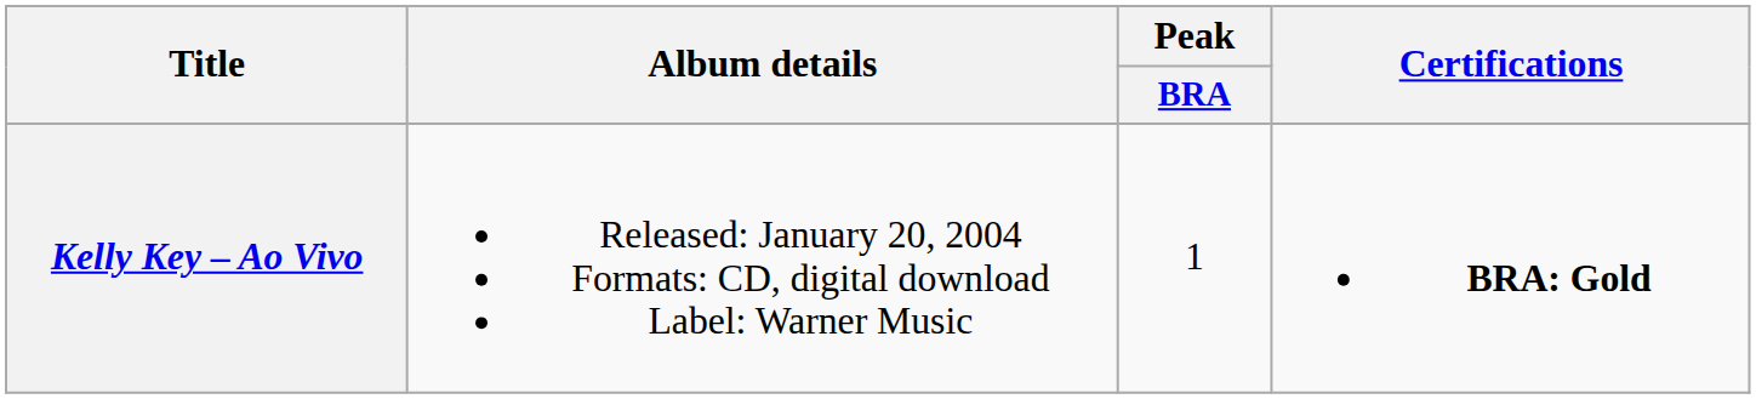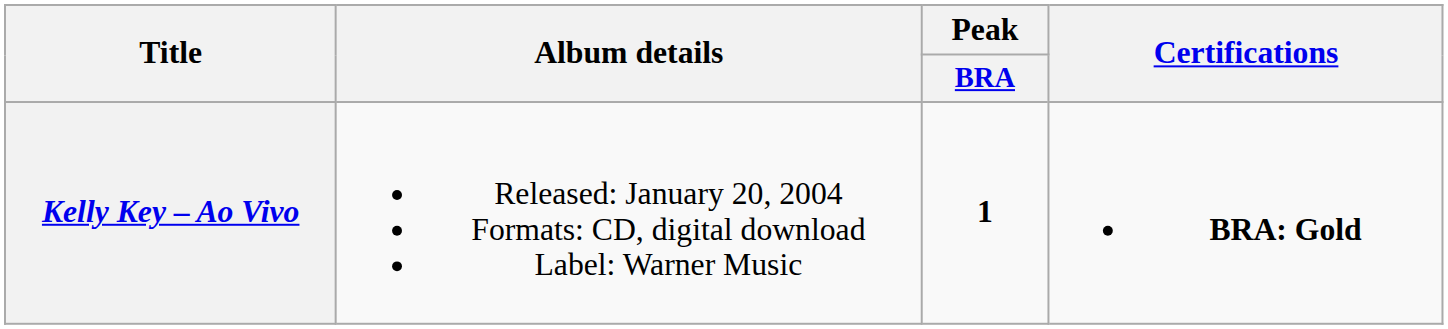 <table class="wikitable plainrowheaders" style="text-align:center;" border="1">
 <tr>
 <th scope="col" rowspan="2" style="width:10em;">Title</th>
 <th scope="col" rowspan="2" style="width:18em;">Album details</th>
 <th scope="col" colspan="1">Peak</th>
 <th scope="col" rowspan="2" style="width:12em;"><a href='#'>Certifications</a></th>
 </tr>
 <tr>
 <th scope="col" style="width:4em;font-size:90%;"><a href='#'>BRA</a><br></th>
 </tr>
 <tr>
 <th scope="row"><em><a href='#'>Kelly Key – Ao Vivo</a></em></th>
 <td><br><ul><li>Released: January 20, 2004</li><li>Formats: CD, digital download</li><li>Label: Warner Music</li></ul></td>
-<td>1</td>
+<td><strong>1</strong></td>
 <td><strong><br><ul><li>BRA: Gold</li></ul></strong></td>
 </tr>
 </table>
